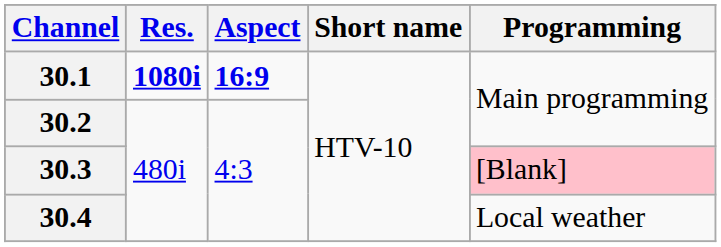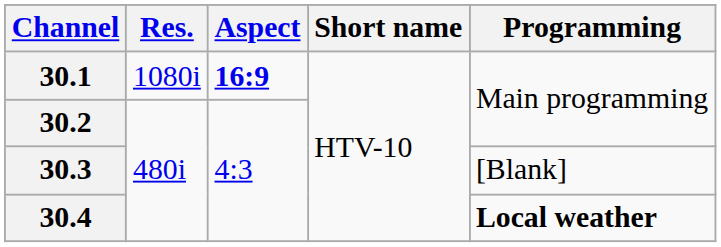 <table class="wikitable">
 <tr>
 <th scope = "col"><a href='#'>Channel</a></th>
 <th scope = "col"><a href='#'>Res.</a></th>
 <th scope = "col"><a href='#'>Aspect</a></th>
 <th scope = "col">Short name</th>
 <th scope = "col">Programming</th>
 </tr>
 <tr>
 <th scope = "row">30.1</th>
-<td><strong><a href='#'>1080i</a></strong></td>
+<td><a href='#'>1080i</a></td>
 <td><strong><a href='#'>16:9</a></strong></td>
 <td rowspan="4">HTV-10</td>
 <td rowspan="2">Main programming</td>
 </tr>
 <tr>
 <th scope = "row">30.2</th>
 <td rowspan="3"><a href='#'>480i</a></td>
 <td rowspan="3"><a href='#'>4:3</a></td>
 </tr>
 <tr>
 <th scope = "row">30.3</th>
-<td style="background: pink;">[Blank]</td>
+<td>[Blank]</td>
 </tr>
 <tr>
 <th scope = "row">30.4</th>
-<td>Local weather</td>
+<td><strong>Local weather</strong></td>
 </tr>
 </table>
